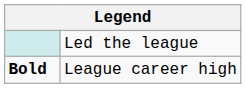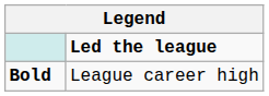 <table class="wikitable">
 <tr>
 <th colspan="2">Legend</th>
 </tr>
 <tr>
 <td style="background:#cfecec; width:3em;"></td>
-<td>Led the league</td>
+<td><strong>Led the league</strong></td>
 </tr>
 <tr>
 <td style="width:3em;"><strong>Bold</strong></td>
 <td>League career high</td>
 </tr>
 </table>
